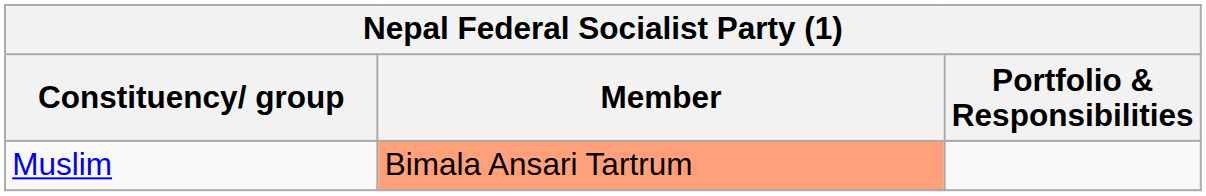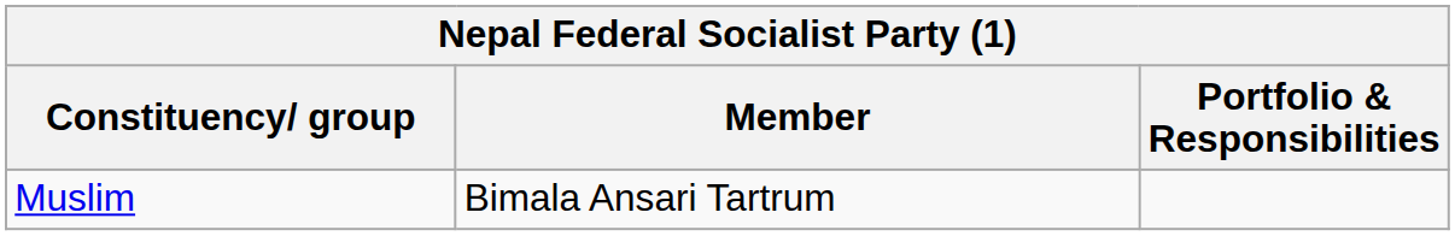 <table class="wikitable">
 <tr>
 <th colspan="3" style="width: 800pt; background:">Nepal Federal Socialist Party (1)</th>
 </tr>
 <tr>
 <th style="width:150pt;">Constituency/ group</th>
 <th style="width:250pt;">Member</th>
 <th>Portfolio & Responsibilities</th>
 </tr>
 <tr>
 <td><a href='#'>Muslim</a></td>
-<td style="background: lightsalmon;">Bimala Ansari Tartrum</td>
+<td>Bimala Ansari Tartrum</td>
 <td></td>
 </tr>
 </table>
